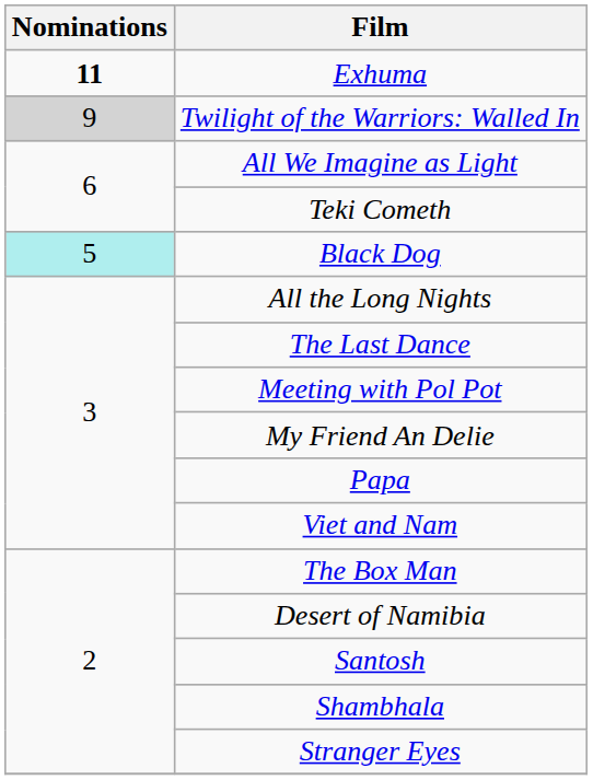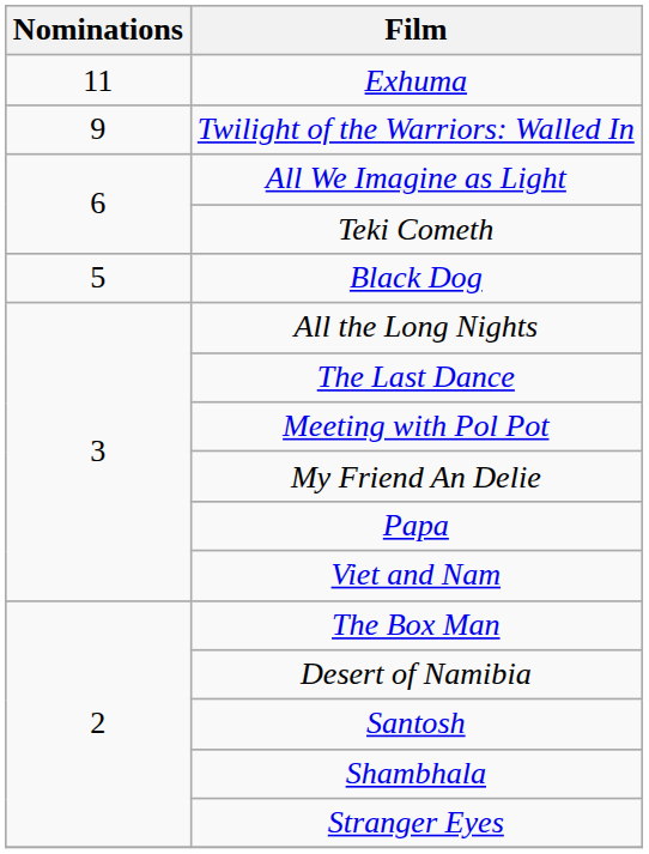 <table class="wikitable plainrowheaders" style="text-align: center;">
 <tr>
 <th scope="col" style="width:55px;">Nominations</th>
 <th scope="col" style="text-align:center;">Film</th>
 </tr>
 <tr>
-<td><strong>11</strong></td>
+<td>11</td>
 <td><em><a href='#'>Exhuma</a></em></td>
 </tr>
 <tr>
-<td style="background: lightgrey;">9</td>
+<td>9</td>
 <td><em><a href='#'>Twilight of the Warriors: Walled In</a></em></td>
 </tr>
 <tr>
 <td rowspan="2">6</td>
 <td><em><a href='#'>All We Imagine as Light</a></em></td>
 </tr>
 <tr>
 <td><em>Teki Cometh</em></td>
 </tr>
 <tr>
-<td style="background: paleturquoise;">5</td>
+<td>5</td>
 <td><em><a href='#'>Black Dog</a></em></td>
 </tr>
 <tr>
 <td rowspan="6">3</td>
 <td><em>All the Long Nights</em></td>
 </tr>
 <tr>
 <td><em><a href='#'>The Last Dance</a></em></td>
 </tr>
 <tr>
 <td><em><a href='#'>Meeting with Pol Pot</a></em></td>
 </tr>
 <tr>
 <td><em>My Friend An Delie</em></td>
 </tr>
 <tr>
 <td><em><a href='#'>Papa</a></em></td>
 </tr>
 <tr>
 <td><em><a href='#'>Viet and Nam</a></em></td>
 </tr>
 <tr>
 <td rowspan="5">2</td>
 <td><em><a href='#'>The Box Man</a></em></td>
 </tr>
 <tr>
 <td><em>Desert of Namibia</em></td>
 </tr>
 <tr>
 <td><em><a href='#'>Santosh</a></em></td>
 </tr>
 <tr>
 <td><em><a href='#'>Shambhala</a></em></td>
 </tr>
 <tr>
 <td><em><a href='#'>Stranger Eyes</a></em></td>
 </tr>
 <tr>
 </tr>
 </table>
